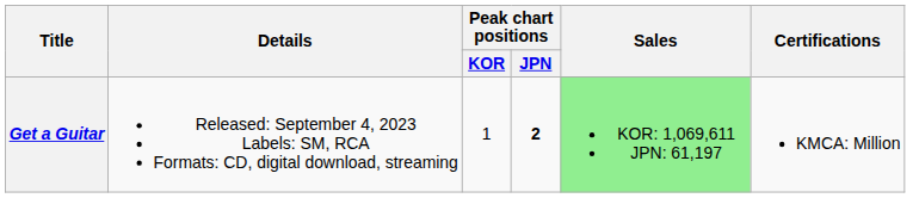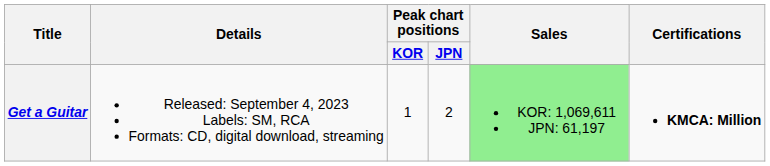 <table class="wikitable plainrowheaders" style="text-align:center">
 <tr>
 <th scope="col" rowspan="2">Title</th>
 <th scope="col" rowspan="2">Details</th>
 <th scope="col" colspan="2">Peak chart positions</th>
 <th scope="col" rowspan="2" style="width:11em">Sales</th>
 <th scope="col" rowspan="2">Certifications</th>
 </tr>
 <tr>
 <th scope="col" style="width:2.5em" style="width:3em;font-size:90%"><a href='#'>KOR</a><br></th>
 <th scope="col" style="width:2.5em" style="width:3em;font-size:90%"><a href='#'>JPN</a><br></th>
 </tr>
 <tr>
 <th scope="row"><em><a href='#'>Get a Guitar</a></em></th>
 <td><br><ul><li>Released: September 4, 2023</li><li>Labels: SM, RCA</li><li>Formats: CD, digital download, streaming</li></ul></td>
 <td>1</td>
-<td><strong>2</strong></td>
+<td>2</td>
 <td style="background: lightgreen;"><br><ul><li>KOR: 1,069,611</li><li>JPN: 61,197</li></ul></td>
-<td><br><ul><li>KMCA: Million</li></ul></td>
+<td><strong><br><ul><li>KMCA: Million</li></ul></strong></td>
 </tr>
 </table>
